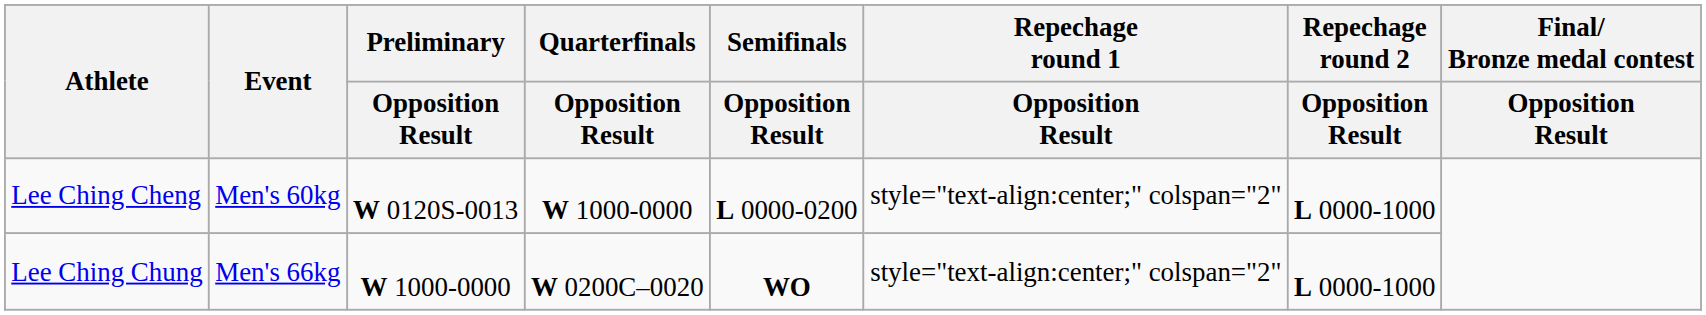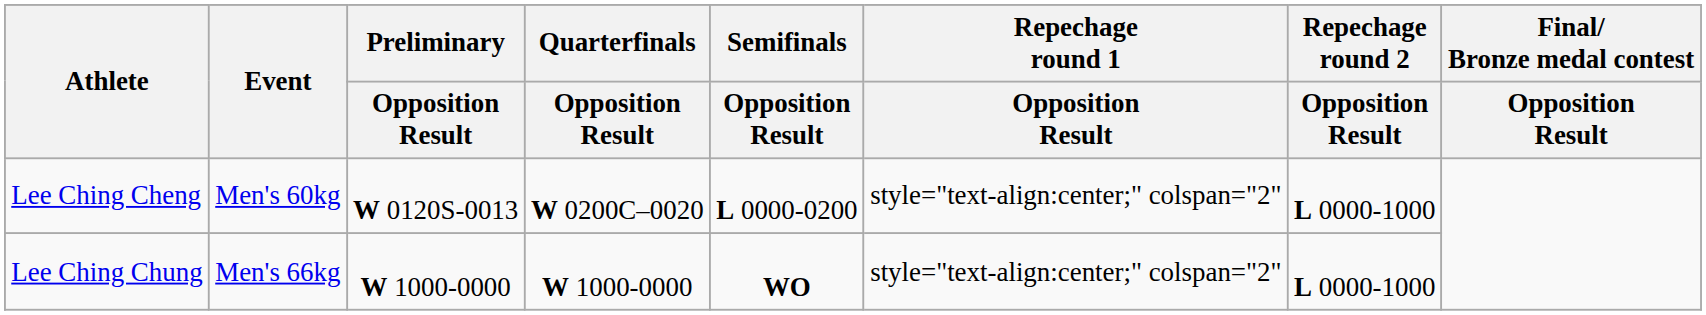 <table class=wikitable style="font-size:90%">
 <tr>
 <th rowspan="2">Athlete</th>
 <th rowspan="2">Event</th>
 <th>Preliminary</th>
 <th>Quarterfinals</th>
 <th>Semifinals</th>
 <th>Repechage <br>round 1</th>
 <th>Repechage <br>round 2</th>
 <th>Final/<br>Bronze medal contest</th>
 </tr>
 <tr>
 <th>Opposition<br>Result</th>
 <th>Opposition<br>Result</th>
 <th>Opposition<br>Result</th>
 <th>Opposition<br>Result</th>
 <th>Opposition<br>Result</th>
 <th>Opposition<br>Result</th>
 </tr>
 <tr>
 <td><a href='#'>Lee Ching Cheng</a></td>
 <td style="text-align:center;"><a href='#'>Men's 60kg</a></td>
 <td style="text-align:center;"><br> <strong>W</strong> 0120S-0013</td>
-<td style="text-align:center;"><br> <strong>W</strong> 1000-0000</td>
+<td style="text-align:center;"><br> <strong>W</strong> 0200C–0020</td>
 <td style="text-align:center;"><br> <strong>L</strong> 0000-0200</td>
 <td>style="text-align:center;" colspan="2" </td>
 <td style="text-align:center;"><br> <strong>L</strong> 0000-1000</td>
 </tr>
 <tr>
 <td><a href='#'>Lee Ching Chung</a></td>
 <td style="text-align:center;"><a href='#'>Men's 66kg</a></td>
 <td style="text-align:center;"><br> <strong>W</strong> 1000-0000</td>
-<td style="text-align:center;"><br> <strong>W</strong> 0200C–0020</td>
+<td style="text-align:center;"><br> <strong>W</strong> 1000-0000</td>
 <td style="text-align:center;"><br> <strong>WO</strong></td>
 <td>style="text-align:center;" colspan="2" </td>
 <td style="text-align:center;"><br> <strong>L</strong> 0000-1000</td>
 </tr>
 </table>
